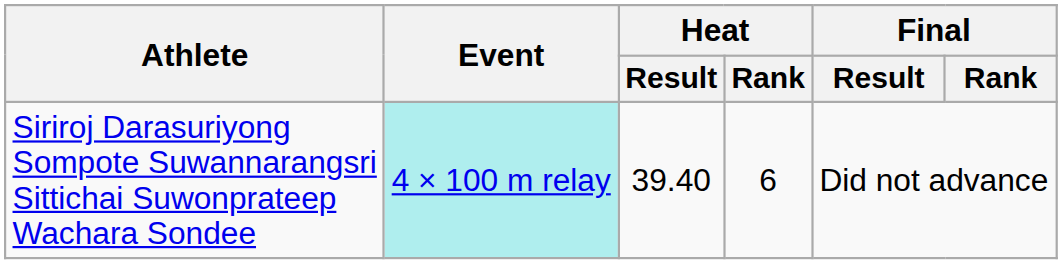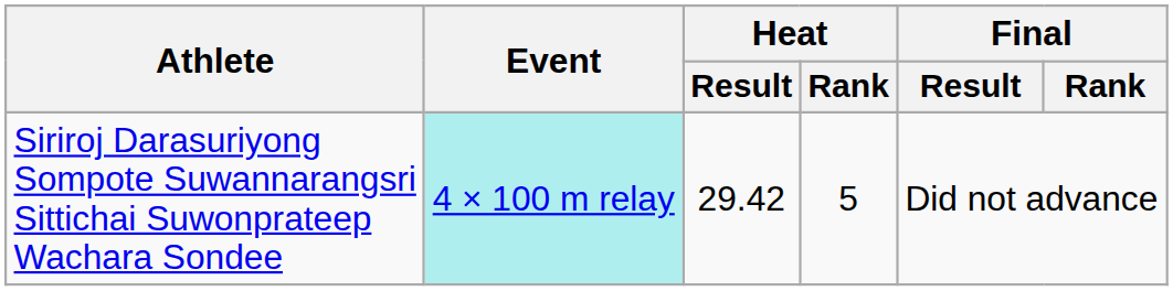 <table class=wikitable style="font-size:90%">
 <tr>
 <th rowspan="2">Athlete</th>
 <th rowspan="2">Event</th>
 <th colspan="2">Heat</th>
 <th colspan="2">Final</th>
 </tr>
 <tr style="font-size:95%">
 <th>Result</th>
 <th>Rank</th>
 <th>Result</th>
 <th>Rank</th>
 </tr>
 <tr align=center>
 <td align=left><a href='#'>Siriroj Darasuriyong</a><br><a href='#'>Sompote Suwannarangsri</a><br><a href='#'>Sittichai Suwonprateep</a><br><a href='#'>Wachara Sondee</a></td>
 <td align=left style="background: paleturquoise;"><a href='#'>4 × 100 m relay</a></td>
-<td>39.40</td>
-<td>6</td>
+<td>29.42</td>
+<td>5</td>
 <td colspan=2>Did not advance</td>
 </tr>
 </table>
